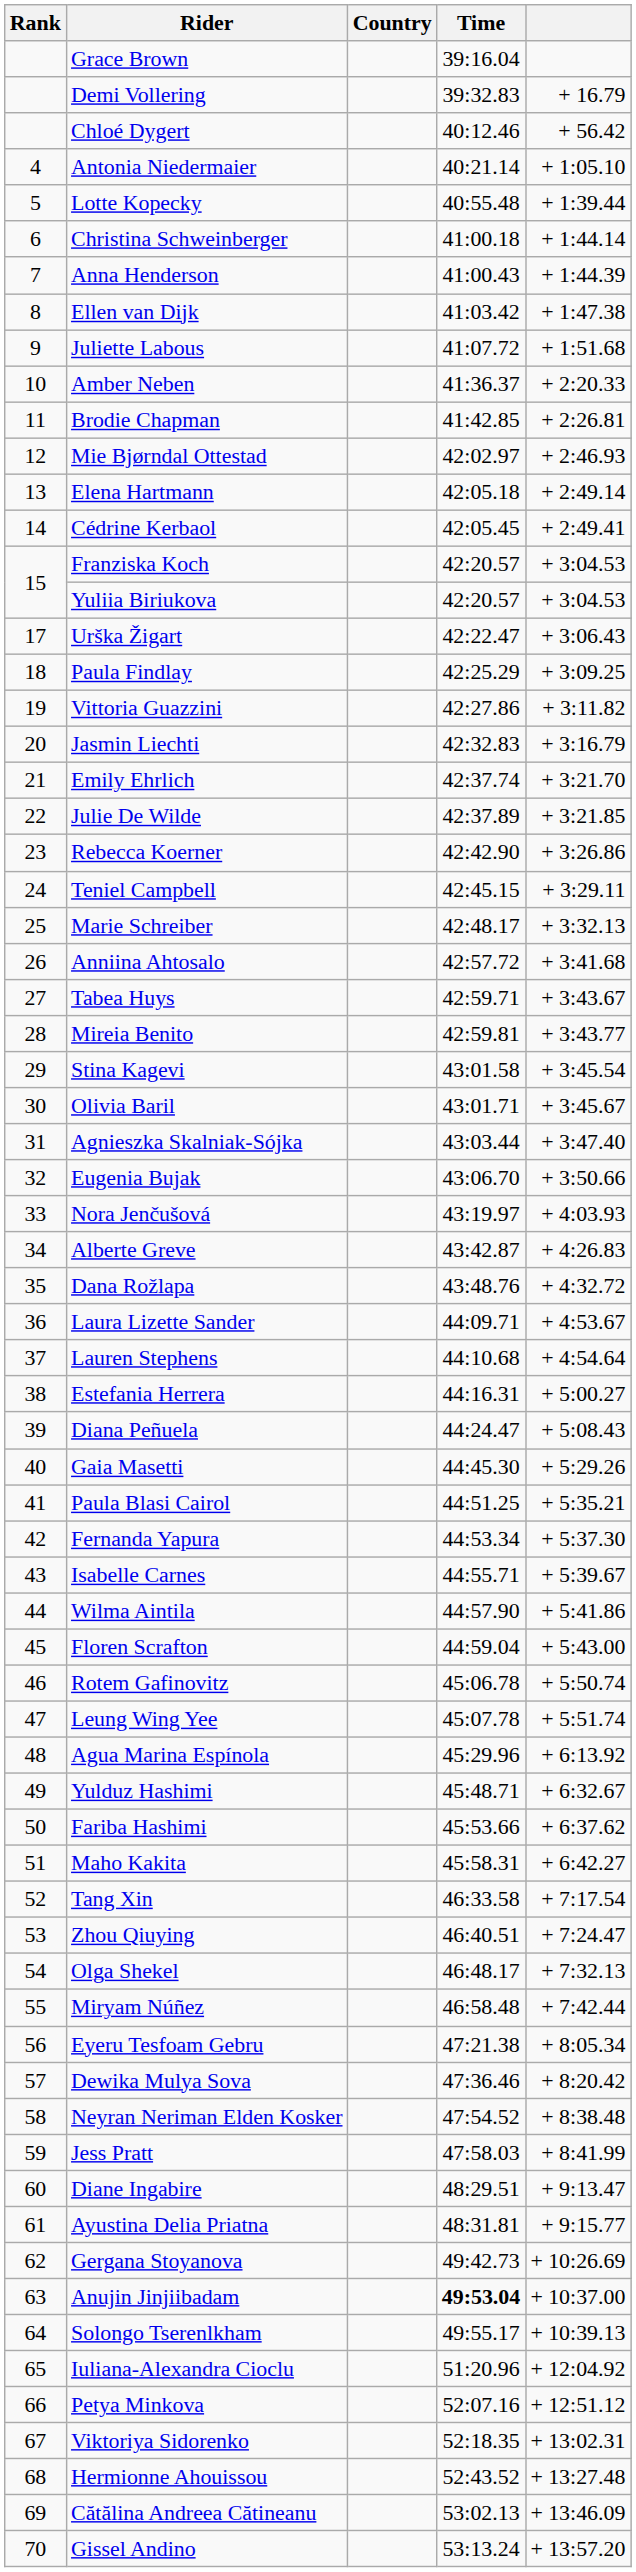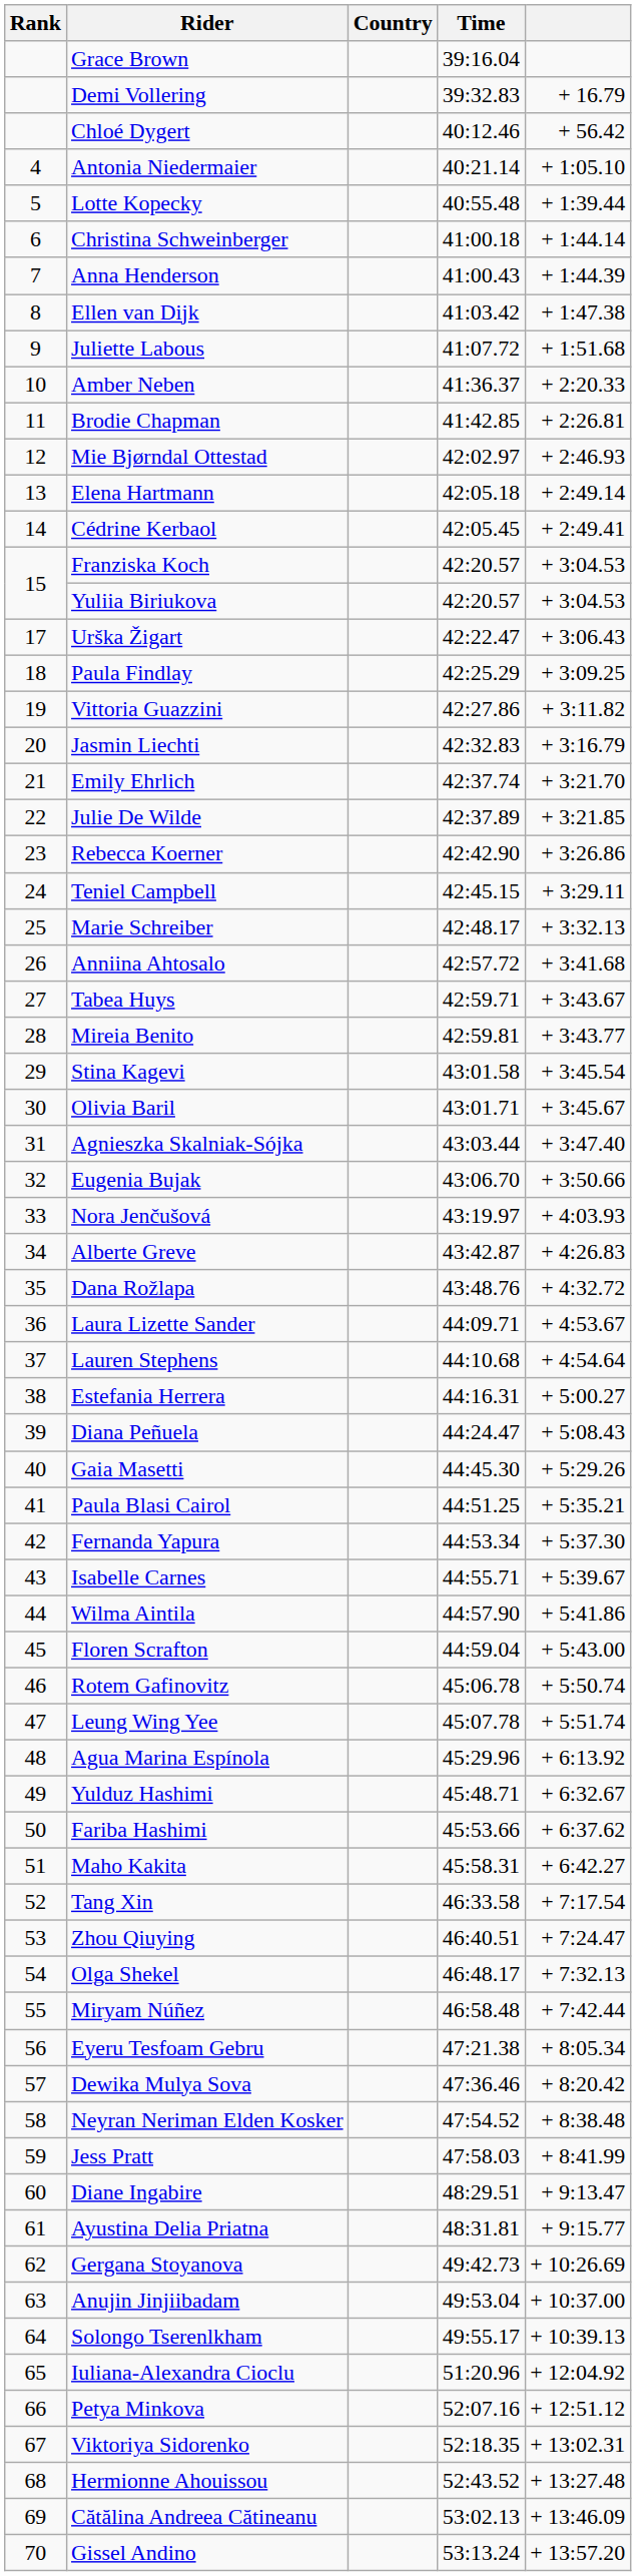 <table class="wikitable sortable" style="font-size:95%; text-align:center;">
 <tr>
 <th scope="col">Rank</th>
 <th scope="col">Rider</th>
 <th scope="col">Country</th>
 <th scope="col">Time</th>
 <th scope="col"></th>
 </tr>
 <tr>
 <td></td>
 <td align=left><a href='#'>Grace Brown</a></td>
 <td align=left></td>
 <td>39:16.04</td>
 <td align=right></td>
 </tr>
 <tr>
 <td></td>
 <td align=left><a href='#'>Demi Vollering</a></td>
 <td align=left></td>
 <td>39:32.83</td>
 <td align=right>+ 16.79</td>
 </tr>
 <tr>
 <td></td>
 <td align=left><a href='#'>Chloé Dygert</a></td>
 <td align=left></td>
 <td>40:12.46</td>
 <td align=right>+ 56.42</td>
 </tr>
 <tr>
 <td>4</td>
 <td align=left><a href='#'>Antonia Niedermaier</a></td>
 <td align=left></td>
 <td>40:21.14</td>
 <td align=right>+ 1:05.10</td>
 </tr>
 <tr>
 <td>5</td>
 <td align=left><a href='#'>Lotte Kopecky</a></td>
 <td align=left></td>
 <td>40:55.48</td>
 <td align=right>+ 1:39.44</td>
 </tr>
 <tr>
 <td>6</td>
 <td align=left><a href='#'>Christina Schweinberger</a></td>
 <td align=left></td>
 <td>41:00.18</td>
 <td align=right>+ 1:44.14</td>
 </tr>
 <tr>
 <td>7</td>
 <td align=left><a href='#'>Anna Henderson</a></td>
 <td align=left></td>
 <td>41:00.43</td>
 <td align=right>+ 1:44.39</td>
 </tr>
 <tr>
 <td>8</td>
 <td align=left><a href='#'>Ellen van Dijk</a></td>
 <td align=left></td>
 <td>41:03.42</td>
 <td align=right>+ 1:47.38</td>
 </tr>
 <tr>
 <td>9</td>
 <td align=left><a href='#'>Juliette Labous</a></td>
 <td align=left></td>
 <td>41:07.72</td>
 <td align=right>+ 1:51.68</td>
 </tr>
 <tr>
 <td>10</td>
 <td align=left><a href='#'>Amber Neben</a></td>
 <td align=left></td>
 <td>41:36.37</td>
 <td align=right>+ 2:20.33</td>
 </tr>
 <tr>
 <td>11</td>
 <td align=left><a href='#'>Brodie Chapman</a></td>
 <td align=left></td>
 <td>41:42.85</td>
 <td align=right>+ 2:26.81</td>
 </tr>
 <tr>
 <td>12</td>
 <td align=left><a href='#'>Mie Bjørndal Ottestad</a></td>
 <td align=left></td>
 <td>42:02.97</td>
 <td align=right>+ 2:46.93</td>
 </tr>
 <tr>
 <td>13</td>
 <td align=left><a href='#'>Elena Hartmann</a></td>
 <td align=left></td>
 <td>42:05.18</td>
 <td align=right>+ 2:49.14</td>
 </tr>
 <tr>
 <td>14</td>
 <td align=left><a href='#'>Cédrine Kerbaol</a></td>
 <td align=left></td>
 <td>42:05.45</td>
 <td align=right>+ 2:49.41</td>
 </tr>
 <tr>
 <td rowspan=2>15</td>
 <td align=left><a href='#'>Franziska Koch</a></td>
 <td align=left></td>
 <td>42:20.57</td>
 <td align=right>+ 3:04.53</td>
 </tr>
 <tr>
 <td align=left><a href='#'>Yuliia Biriukova</a></td>
 <td align=left></td>
 <td>42:20.57</td>
 <td align=right>+ 3:04.53</td>
 </tr>
 <tr>
 <td>17</td>
 <td align=left><a href='#'>Urška Žigart</a></td>
 <td align=left></td>
 <td>42:22.47</td>
 <td align=right>+ 3:06.43</td>
 </tr>
 <tr>
 <td>18</td>
 <td align=left><a href='#'>Paula Findlay</a></td>
 <td align=left></td>
 <td>42:25.29</td>
 <td align=right>+ 3:09.25</td>
 </tr>
 <tr>
 <td>19</td>
 <td align=left><a href='#'>Vittoria Guazzini</a></td>
 <td align=left></td>
 <td>42:27.86</td>
 <td align=right>+ 3:11.82</td>
 </tr>
 <tr>
 <td>20</td>
 <td align=left><a href='#'>Jasmin Liechti</a></td>
 <td align=left></td>
 <td>42:32.83</td>
 <td align=right>+ 3:16.79</td>
 </tr>
 <tr>
 <td>21</td>
 <td align=left><a href='#'>Emily Ehrlich</a></td>
 <td align=left></td>
 <td>42:37.74</td>
 <td align=right>+ 3:21.70</td>
 </tr>
 <tr>
 <td>22</td>
 <td align=left><a href='#'>Julie De Wilde</a></td>
 <td align=left></td>
 <td>42:37.89</td>
 <td align=right>+ 3:21.85</td>
 </tr>
 <tr>
 <td>23</td>
 <td align=left><a href='#'>Rebecca Koerner</a></td>
 <td align=left></td>
 <td>42:42.90</td>
 <td align=right>+ 3:26.86</td>
 </tr>
 <tr>
 <td>24</td>
 <td align=left><a href='#'>Teniel Campbell</a></td>
 <td align=left></td>
 <td>42:45.15</td>
 <td align=right>+ 3:29.11</td>
 </tr>
 <tr>
 <td>25</td>
 <td align=left><a href='#'>Marie Schreiber</a></td>
 <td align=left></td>
 <td>42:48.17</td>
 <td align=right>+ 3:32.13</td>
 </tr>
 <tr>
 <td>26</td>
 <td align=left><a href='#'>Anniina Ahtosalo</a></td>
 <td align=left></td>
 <td>42:57.72</td>
 <td align=right>+ 3:41.68</td>
 </tr>
 <tr>
 <td>27</td>
 <td align=left><a href='#'>Tabea Huys</a></td>
 <td align=left></td>
 <td>42:59.71</td>
 <td align=right>+ 3:43.67</td>
 </tr>
 <tr>
 <td>28</td>
 <td align=left><a href='#'>Mireia Benito</a></td>
 <td align=left></td>
 <td>42:59.81</td>
 <td align=right>+ 3:43.77</td>
 </tr>
 <tr>
 <td>29</td>
 <td align=left><a href='#'>Stina Kagevi</a></td>
 <td align=left></td>
 <td>43:01.58</td>
 <td align=right>+ 3:45.54</td>
 </tr>
 <tr>
 <td>30</td>
 <td align=left><a href='#'>Olivia Baril</a></td>
 <td align=left></td>
 <td>43:01.71</td>
 <td align=right>+ 3:45.67</td>
 </tr>
 <tr>
 <td>31</td>
 <td align=left><a href='#'>Agnieszka Skalniak-Sójka</a></td>
 <td align=left></td>
 <td>43:03.44</td>
 <td align=right>+ 3:47.40</td>
 </tr>
 <tr>
 <td>32</td>
 <td align=left><a href='#'>Eugenia Bujak</a></td>
 <td align=left></td>
 <td>43:06.70</td>
 <td align=right>+ 3:50.66</td>
 </tr>
 <tr>
 <td>33</td>
 <td align=left><a href='#'>Nora Jenčušová</a></td>
 <td align=left></td>
 <td>43:19.97</td>
 <td align=right>+ 4:03.93</td>
 </tr>
 <tr>
 <td>34</td>
 <td align=left><a href='#'>Alberte Greve</a></td>
 <td align=left></td>
 <td>43:42.87</td>
 <td align=right>+ 4:26.83</td>
 </tr>
 <tr>
 <td>35</td>
 <td align=left><a href='#'>Dana Rožlapa</a></td>
 <td align=left></td>
 <td>43:48.76</td>
 <td align=right>+ 4:32.72</td>
 </tr>
 <tr>
 <td>36</td>
 <td align=left><a href='#'>Laura Lizette Sander</a></td>
 <td align=left></td>
 <td>44:09.71</td>
 <td align=right>+ 4:53.67</td>
 </tr>
 <tr>
 <td>37</td>
 <td align=left><a href='#'>Lauren Stephens</a></td>
 <td align=left></td>
 <td>44:10.68</td>
 <td align=right>+ 4:54.64</td>
 </tr>
 <tr>
 <td>38</td>
 <td align=left><a href='#'>Estefania Herrera</a></td>
 <td align=left></td>
 <td>44:16.31</td>
 <td align=right>+ 5:00.27</td>
 </tr>
 <tr>
 <td>39</td>
 <td align=left><a href='#'>Diana Peñuela</a></td>
 <td align=left></td>
 <td>44:24.47</td>
 <td align=right>+ 5:08.43</td>
 </tr>
 <tr>
 <td>40</td>
 <td align=left><a href='#'>Gaia Masetti</a></td>
 <td align=left></td>
 <td>44:45.30</td>
 <td align=right>+ 5:29.26</td>
 </tr>
 <tr>
 <td>41</td>
 <td align=left><a href='#'>Paula Blasi Cairol</a></td>
 <td align=left></td>
 <td>44:51.25</td>
 <td align=right>+ 5:35.21</td>
 </tr>
 <tr>
 <td>42</td>
 <td align=left><a href='#'>Fernanda Yapura</a></td>
 <td align=left></td>
 <td>44:53.34</td>
 <td align=right>+ 5:37.30</td>
 </tr>
 <tr>
 <td>43</td>
 <td align=left><a href='#'>Isabelle Carnes</a></td>
 <td align=left></td>
 <td>44:55.71</td>
 <td align=right>+ 5:39.67</td>
 </tr>
 <tr>
 <td>44</td>
 <td align=left><a href='#'>Wilma Aintila</a></td>
 <td align=left></td>
 <td>44:57.90</td>
 <td align=right>+ 5:41.86</td>
 </tr>
 <tr>
 <td>45</td>
 <td align=left><a href='#'>Floren Scrafton</a></td>
 <td align=left></td>
 <td>44:59.04</td>
 <td align=right>+ 5:43.00</td>
 </tr>
 <tr>
 <td>46</td>
 <td align=left><a href='#'>Rotem Gafinovitz</a></td>
 <td align=left></td>
 <td>45:06.78</td>
 <td align=right>+ 5:50.74</td>
 </tr>
 <tr>
 <td>47</td>
 <td align=left><a href='#'>Leung Wing Yee</a></td>
 <td align=left></td>
 <td>45:07.78</td>
 <td align=right>+ 5:51.74</td>
 </tr>
 <tr>
 <td>48</td>
 <td align=left><a href='#'>Agua Marina Espínola</a></td>
 <td align=left></td>
 <td>45:29.96</td>
 <td align=right>+ 6:13.92</td>
 </tr>
 <tr>
 <td>49</td>
 <td align=left><a href='#'>Yulduz Hashimi</a></td>
 <td align=left></td>
 <td>45:48.71</td>
 <td align=right>+ 6:32.67</td>
 </tr>
 <tr>
 <td>50</td>
 <td align=left><a href='#'>Fariba Hashimi</a></td>
 <td align=left></td>
 <td>45:53.66</td>
 <td align=right>+ 6:37.62</td>
 </tr>
 <tr>
 <td>51</td>
 <td align=left><a href='#'>Maho Kakita</a></td>
 <td align=left></td>
 <td>45:58.31</td>
 <td align=right>+ 6:42.27</td>
 </tr>
 <tr>
 <td>52</td>
 <td align=left><a href='#'>Tang Xin</a></td>
 <td align=left></td>
 <td>46:33.58</td>
 <td align=right>+ 7:17.54</td>
 </tr>
 <tr>
 <td>53</td>
 <td align=left><a href='#'>Zhou Qiuying</a></td>
 <td align=left></td>
 <td>46:40.51</td>
 <td align=right>+ 7:24.47</td>
 </tr>
 <tr>
 <td>54</td>
 <td align=left><a href='#'>Olga Shekel</a></td>
 <td align=left></td>
 <td>46:48.17</td>
 <td align=right>+ 7:32.13</td>
 </tr>
 <tr>
 <td>55</td>
 <td align=left><a href='#'>Miryam Núñez</a></td>
 <td align=left></td>
 <td>46:58.48</td>
 <td align=right>+ 7:42.44</td>
 </tr>
 <tr>
 <td>56</td>
 <td align=left><a href='#'>Eyeru Tesfoam Gebru</a></td>
 <td align=left></td>
 <td>47:21.38</td>
 <td align=right>+ 8:05.34</td>
 </tr>
 <tr>
 <td>57</td>
 <td align=left><a href='#'>Dewika Mulya Sova</a></td>
 <td align=left></td>
 <td>47:36.46</td>
 <td align=right>+ 8:20.42</td>
 </tr>
 <tr>
 <td>58</td>
 <td align=left><a href='#'>Neyran Neriman Elden Kosker</a></td>
 <td align=left></td>
 <td>47:54.52</td>
 <td align=right>+ 8:38.48</td>
 </tr>
 <tr>
 <td>59</td>
 <td align=left><a href='#'>Jess Pratt</a></td>
 <td align=left></td>
 <td>47:58.03</td>
 <td align=right>+ 8:41.99</td>
 </tr>
 <tr>
 <td>60</td>
 <td align=left><a href='#'>Diane Ingabire</a></td>
 <td align=left></td>
 <td>48:29.51</td>
 <td align=right>+ 9:13.47</td>
 </tr>
 <tr>
 <td>61</td>
 <td align=left><a href='#'>Ayustina Delia Priatna</a></td>
 <td align=left></td>
 <td>48:31.81</td>
 <td align=right>+ 9:15.77</td>
 </tr>
 <tr>
 <td>62</td>
 <td align=left><a href='#'>Gergana Stoyanova</a></td>
 <td align=left></td>
 <td>49:42.73</td>
 <td align=right>+ 10:26.69</td>
 </tr>
 <tr>
 <td>63</td>
 <td align=left><a href='#'>Anujin Jinjiibadam</a></td>
 <td align=left></td>
-<td><strong>49:53.04</strong></td>
+<td>49:53.04</td>
 <td align=right>+ 10:37.00</td>
 </tr>
 <tr>
 <td>64</td>
 <td align=left><a href='#'>Solongo Tserenlkham</a></td>
 <td align=left></td>
 <td>49:55.17</td>
 <td align=right>+ 10:39.13</td>
 </tr>
 <tr>
 <td>65</td>
 <td align=left><a href='#'>Iuliana-Alexandra Cioclu</a></td>
 <td align=left></td>
 <td>51:20.96</td>
 <td align=right>+ 12:04.92</td>
 </tr>
 <tr>
 <td>66</td>
 <td align=left><a href='#'>Petya Minkova</a></td>
 <td align=left></td>
 <td>52:07.16</td>
 <td align=right>+ 12:51.12</td>
 </tr>
 <tr>
 <td>67</td>
 <td align=left><a href='#'>Viktoriya Sidorenko</a></td>
 <td align=left></td>
 <td>52:18.35</td>
 <td align=right>+ 13:02.31</td>
 </tr>
 <tr>
 <td>68</td>
 <td align=left><a href='#'>Hermionne Ahouissou</a></td>
 <td align=left></td>
 <td>52:43.52</td>
 <td align=right>+ 13:27.48</td>
 </tr>
 <tr>
 <td>69</td>
 <td align=left><a href='#'>Cătălina Andreea Cătineanu</a></td>
 <td align=left></td>
 <td>53:02.13</td>
 <td align=right>+ 13:46.09</td>
 </tr>
 <tr>
 <td>70</td>
 <td align=left><a href='#'>Gissel Andino</a></td>
 <td align=left></td>
 <td>53:13.24</td>
 <td align=right>+ 13:57.20</td>
 </tr>
 </table>
